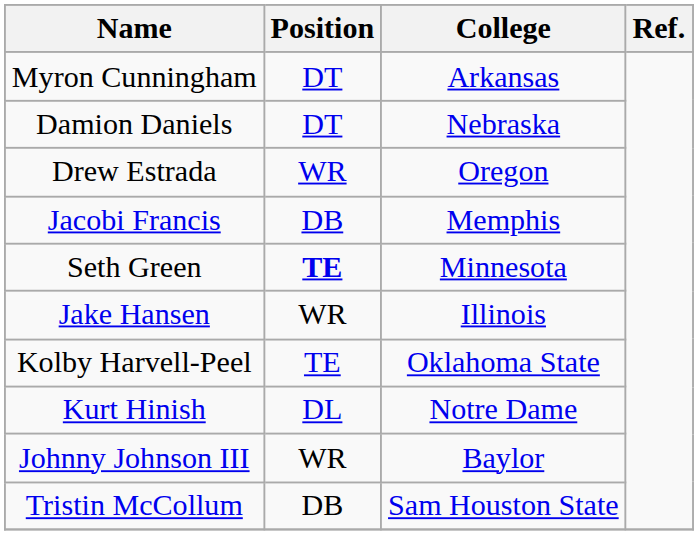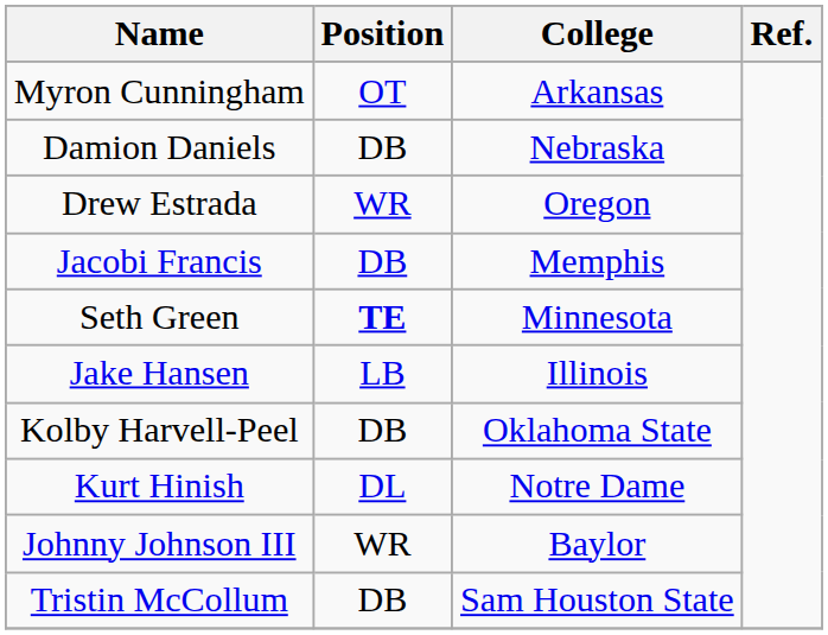 <table class="wikitable" style="text-align:center">
 <tr>
 <th>Name</th>
 <th>Position</th>
 <th>College</th>
 <th>Ref.</th>
 </tr>
 <tr>
 <td>Myron Cunningham</td>
-<td><a href='#'>DT</a></td>
+<td><a href='#'>OT</a></td>
 <td><a href='#'>Arkansas</a></td>
 <td rowspan="10"></td>
 </tr>
 <tr>
 <td>Damion Daniels</td>
-<td><a href='#'>DT</a></td>
+<td>DB</td>
 <td><a href='#'>Nebraska</a></td>
 </tr>
 <tr>
 <td>Drew Estrada</td>
 <td><a href='#'>WR</a></td>
 <td><a href='#'>Oregon</a></td>
 </tr>
 <tr>
 <td><a href='#'>Jacobi Francis</a></td>
 <td><a href='#'>DB</a></td>
 <td><a href='#'>Memphis</a></td>
 </tr>
 <tr>
 <td>Seth Green</td>
 <td><strong><a href='#'>TE</a></strong></td>
 <td><a href='#'>Minnesota</a></td>
 </tr>
 <tr>
 <td><a href='#'>Jake Hansen</a></td>
-<td>WR</td>
+<td><a href='#'>LB</a></td>
 <td><a href='#'>Illinois</a></td>
 </tr>
 <tr>
 <td>Kolby Harvell-Peel</td>
-<td><a href='#'>TE</a></td>
+<td>DB</td>
 <td><a href='#'>Oklahoma State</a></td>
 </tr>
 <tr>
 <td><a href='#'>Kurt Hinish</a></td>
 <td><a href='#'>DL</a></td>
 <td><a href='#'>Notre Dame</a></td>
 </tr>
 <tr>
 <td><a href='#'>Johnny Johnson III</a></td>
 <td>WR</td>
 <td><a href='#'>Baylor</a></td>
 </tr>
 <tr>
 <td><a href='#'>Tristin McCollum</a></td>
 <td>DB</td>
 <td><a href='#'>Sam Houston State</a></td>
 </tr>
 <tr>
 </tr>
 </table>
